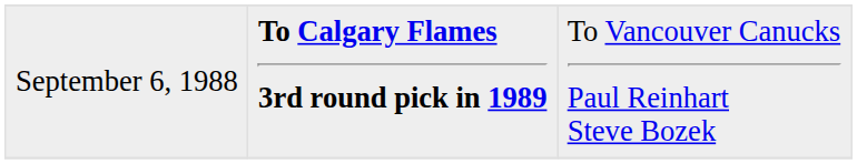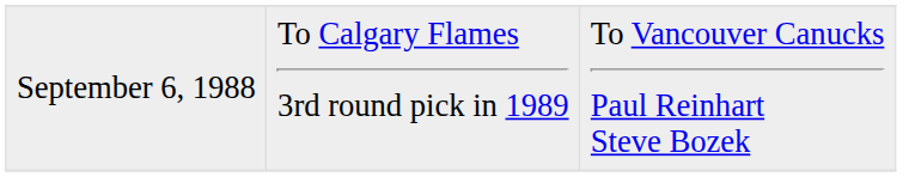 <table border=1 style="border-collapse:collapse" bordercolor="#DFDFDF"  cellpadding="5">
 <tr>
 </tr>
 <tr bgcolor="#eeeeee">
 <td>September 6, 1988</td>
-<td valign="top"><strong>To <a href='#'>Calgary Flames</a> <hr>3rd round pick in <a href='#'>1989</a></strong></td>
+<td valign="top">To <a href='#'>Calgary Flames</a> <hr>3rd round pick in <a href='#'>1989</a></td>
 <td valign="top">To <a href='#'>Vancouver Canucks</a> <hr><a href='#'>Paul Reinhart</a><br><a href='#'>Steve Bozek</a></td>
 </tr>
 <tr>
 </tr>
 </table>
